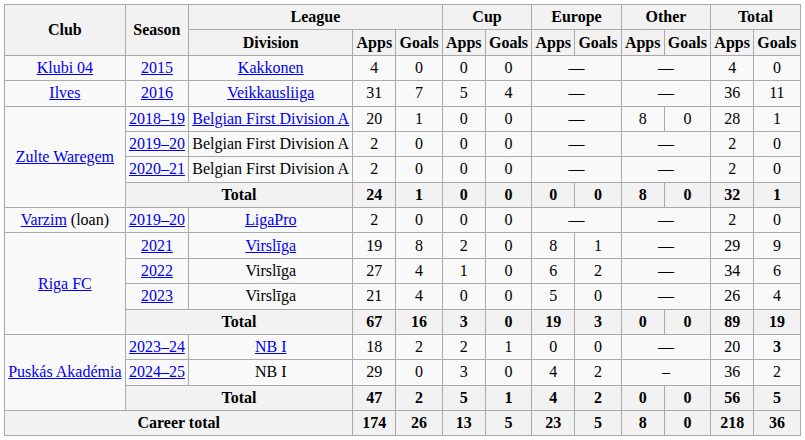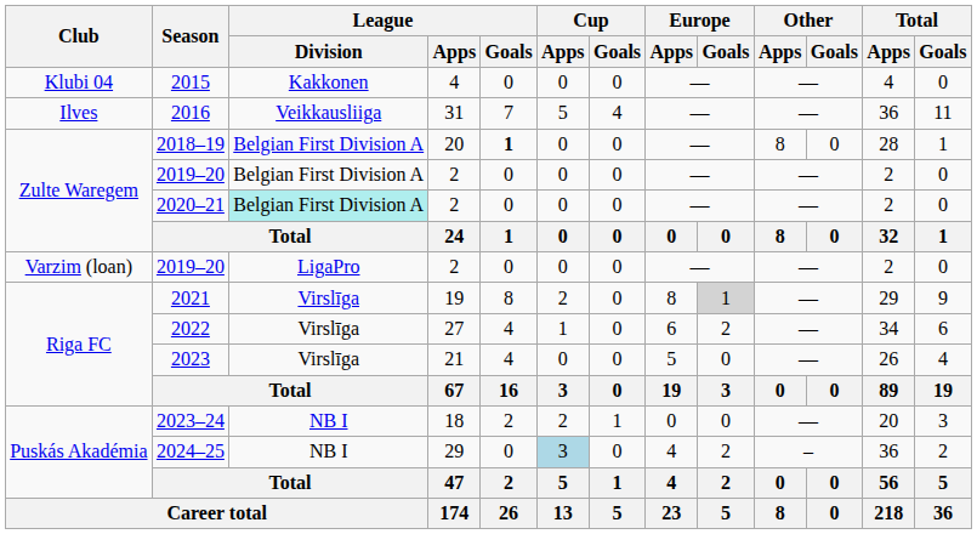 <table class="wikitable" style="text-align: center;">
 <tr>
 <th rowspan="2">Club</th>
 <th rowspan="2">Season</th>
 <th colspan="3">League</th>
 <th colspan="2">Cup</th>
 <th colspan="2">Europe</th>
 <th colspan="2">Other</th>
 <th colspan="2">Total</th>
 </tr>
 <tr>
 <th>Division</th>
 <th>Apps</th>
 <th>Goals</th>
 <th>Apps</th>
 <th>Goals</th>
 <th>Apps</th>
 <th>Goals</th>
 <th>Apps</th>
 <th>Goals</th>
 <th>Apps</th>
 <th>Goals</th>
 </tr>
 <tr>
 <td rowspan="1"><a href='#'>Klubi 04</a></td>
 <td><a href='#'>2015</a></td>
 <td rowspan="1"><a href='#'>Kakkonen</a></td>
 <td>4</td>
 <td>0</td>
 <td>0</td>
 <td>0</td>
 <td colspan="2">—</td>
 <td colspan="2">—</td>
 <td>4</td>
 <td>0</td>
 </tr>
 <tr>
 <td rowspan="1"><a href='#'>Ilves</a></td>
 <td><a href='#'>2016</a></td>
 <td rowspan="1"><a href='#'>Veikkausliiga</a></td>
 <td>31</td>
 <td>7</td>
 <td>5</td>
 <td>4</td>
 <td colspan="2">—</td>
 <td colspan="2">—</td>
 <td>36</td>
 <td>11</td>
 </tr>
 <tr>
 <td rowspan="4"><a href='#'>Zulte Waregem</a></td>
 <td><a href='#'>2018–19</a></td>
 <td><a href='#'>Belgian First Division A</a></td>
 <td>20</td>
-<td>1</td>
+<td><strong>1</strong></td>
 <td>0</td>
 <td>0</td>
 <td colspan="2">—</td>
 <td>8</td>
 <td>0</td>
 <td>28</td>
 <td>1</td>
 </tr>
 <tr>
 <td><a href='#'>2019–20</a></td>
 <td>Belgian First Division A</td>
 <td>2</td>
 <td>0</td>
 <td>0</td>
 <td>0</td>
 <td colspan="2">—</td>
 <td colspan="2">—</td>
 <td>2</td>
 <td>0</td>
 </tr>
 <tr>
 <td><a href='#'>2020–21</a></td>
-<td>Belgian First Division A</td>
+<td style="background: paleturquoise;">Belgian First Division A</td>
 <td>2</td>
 <td>0</td>
 <td>0</td>
 <td>0</td>
 <td colspan="2">—</td>
 <td colspan="2">—</td>
 <td>2</td>
 <td>0</td>
 </tr>
 <tr>
 <th colspan="2">Total</th>
 <th>24</th>
 <th>1</th>
 <th>0</th>
 <th>0</th>
 <th>0</th>
 <th>0</th>
 <th>8</th>
 <th>0</th>
 <th>32</th>
 <th>1</th>
 </tr>
 <tr>
 <td rowspan="1"><a href='#'>Varzim</a> (loan)</td>
 <td><a href='#'>2019–20</a></td>
 <td rowspan="1"><a href='#'>LigaPro</a></td>
 <td>2</td>
 <td>0</td>
 <td>0</td>
 <td>0</td>
 <td colspan="2">—</td>
 <td colspan="2">—</td>
 <td>2</td>
 <td>0</td>
 </tr>
 <tr>
 <td rowspan="4"><a href='#'>Riga FC</a></td>
 <td><a href='#'>2021</a></td>
 <td><a href='#'>Virslīga</a></td>
 <td>19</td>
 <td>8</td>
 <td>2</td>
 <td>0</td>
 <td>8</td>
-<td>1</td>
+<td style="background: lightgrey;">1</td>
 <td colspan="2">—</td>
 <td>29</td>
 <td>9</td>
 </tr>
 <tr>
 <td><a href='#'>2022</a></td>
 <td>Virslīga</td>
 <td>27</td>
 <td>4</td>
 <td>1</td>
 <td>0</td>
 <td>6</td>
 <td>2</td>
 <td colspan="2">—</td>
 <td>34</td>
 <td>6</td>
 </tr>
 <tr>
 <td><a href='#'>2023</a></td>
 <td>Virslīga</td>
 <td>21</td>
 <td>4</td>
 <td>0</td>
 <td>0</td>
 <td>5</td>
 <td>0</td>
 <td colspan="2">—</td>
 <td>26</td>
 <td>4</td>
 </tr>
 <tr>
 <th colspan="2">Total</th>
 <th>67</th>
 <th>16</th>
 <th>3</th>
 <th>0</th>
 <th>19</th>
 <th>3</th>
 <th>0</th>
 <th>0</th>
 <th>89</th>
 <th>19</th>
 </tr>
 <tr>
 <td rowspan=3><a href='#'>Puskás Akadémia</a></td>
 <td><a href='#'>2023–24</a></td>
 <td><a href='#'>NB I</a></td>
 <td>18</td>
 <td>2</td>
 <td>2</td>
 <td>1</td>
 <td>0</td>
 <td>0</td>
 <td colspan="2">—</td>
 <td>20</td>
-<td><strong>3</strong></td>
+<td>3</td>
 </tr>
 <tr>
 <td><a href='#'>2024–25</a></td>
 <td>NB I</td>
 <td>29</td>
 <td>0</td>
-<td>3</td>
+<td style="background: lightblue;">3</td>
 <td>0</td>
 <td>4</td>
 <td>2</td>
 <td colspan=2>–</td>
 <td>36</td>
 <td>2</td>
 </tr>
 <tr>
 <th colspan="2">Total</th>
 <th>47</th>
 <th>2</th>
 <th>5</th>
 <th>1</th>
 <th>4</th>
 <th>2</th>
 <th>0</th>
 <th>0</th>
 <th>56</th>
 <th>5</th>
 </tr>
 <tr>
 <th colspan="3">Career total</th>
 <th>174</th>
 <th>26</th>
 <th>13</th>
 <th>5</th>
 <th>23</th>
 <th>5</th>
 <th>8</th>
 <th>0</th>
 <th>218</th>
 <th>36</th>
 </tr>
 </table>
